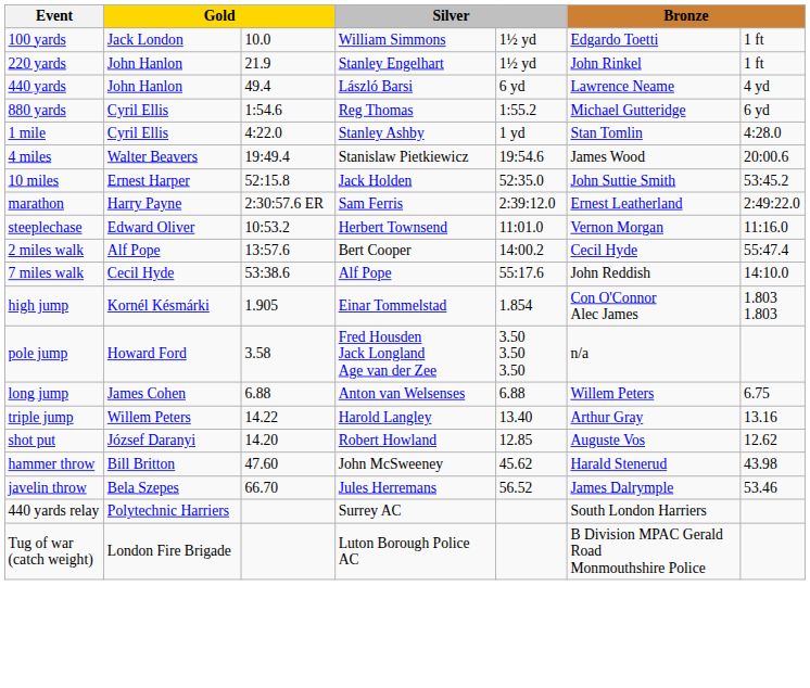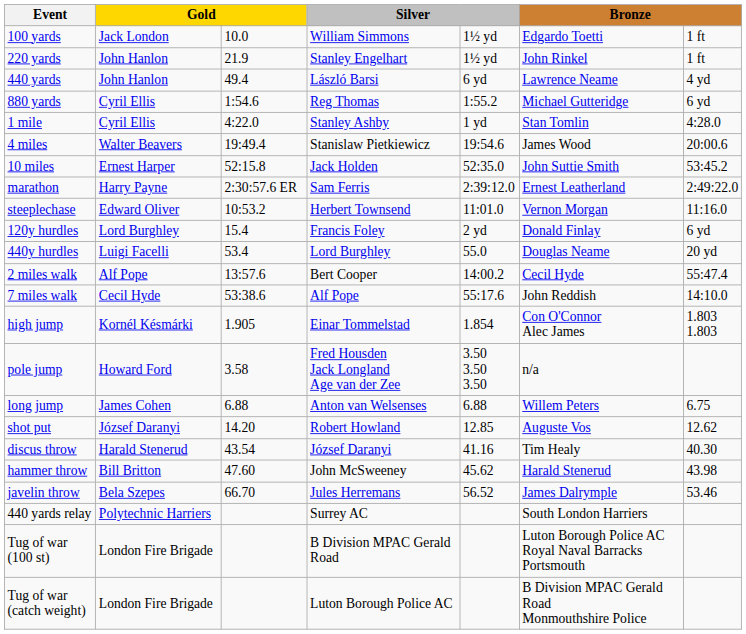 <table class="wikitable" style="text-align:left">
 <tr>
 <th width=100>Event</th>
 <th colspan="2" width="280" style="background:gold;">Gold</th>
 <th colspan="2" width="280" style="background:silver;">Silver</th>
 <th colspan="2" width="280" style="background:#CD7F32;">Bronze</th>
 </tr>
 <tr>
 <td><a href='#'>100 yards</a></td>
 <td><a href='#'>Jack London</a></td>
 <td>10.0</td>
 <td><a href='#'>William Simmons</a></td>
 <td>1½ yd</td>
 <td> <a href='#'>Edgardo Toetti</a></td>
 <td>1 ft</td>
 </tr>
 <tr>
 <td><a href='#'>220 yards</a></td>
 <td><a href='#'>John Hanlon</a></td>
 <td>21.9</td>
 <td><a href='#'>Stanley Engelhart</a></td>
 <td>1½ yd</td>
 <td><a href='#'>John Rinkel</a></td>
 <td>1 ft</td>
 </tr>
 <tr>
 <td><a href='#'>440 yards</a></td>
 <td><a href='#'>John Hanlon</a></td>
 <td>49.4</td>
 <td> <a href='#'>László Barsi</a></td>
 <td>6 yd</td>
 <td><a href='#'>Lawrence Neame</a></td>
 <td>4 yd</td>
 </tr>
 <tr>
 <td><a href='#'>880 yards</a></td>
 <td><a href='#'>Cyril Ellis</a></td>
 <td>1:54.6</td>
 <td> <a href='#'>Reg Thomas</a></td>
 <td>1:55.2</td>
 <td><a href='#'>Michael Gutteridge</a></td>
 <td>6 yd</td>
 </tr>
 <tr>
 <td><a href='#'>1 mile</a></td>
 <td><a href='#'>Cyril Ellis</a></td>
 <td>4:22.0</td>
 <td><a href='#'>Stanley Ashby</a></td>
 <td>1 yd</td>
 <td><a href='#'>Stan Tomlin</a></td>
 <td>4:28.0</td>
 </tr>
 <tr>
 <td><a href='#'>4 miles</a></td>
 <td><a href='#'>Walter Beavers</a></td>
 <td>19:49.4</td>
 <td> Stanislaw Pietkiewicz</td>
 <td>19:54.6</td>
 <td> James Wood</td>
 <td>20:00.6</td>
 </tr>
 <tr>
 <td><a href='#'>10 miles</a></td>
 <td><a href='#'>Ernest Harper</a></td>
 <td>52:15.8</td>
 <td><a href='#'>Jack Holden</a></td>
 <td>52:35.0</td>
 <td> <a href='#'>John Suttie Smith</a></td>
 <td>53:45.2</td>
 </tr>
 <tr>
 <td><a href='#'>marathon</a></td>
 <td><a href='#'>Harry Payne</a></td>
 <td>2:30:57.6 ER</td>
 <td> <a href='#'>Sam Ferris</a></td>
 <td>2:39:12.0</td>
 <td><a href='#'>Ernest Leatherland</a></td>
 <td>2:49:22.0</td>
 </tr>
 <tr>
 <td><a href='#'>steeplechase</a></td>
 <td><a href='#'>Edward Oliver</a></td>
 <td>10:53.2</td>
 <td><a href='#'>Herbert Townsend</a></td>
 <td>11:01.0</td>
 <td><a href='#'>Vernon Morgan</a></td>
 <td>11:16.0</td>
 </tr>
 <tr>
+<td><a href='#'>120y hurdles</a></td>
+<td><a href='#'>Lord Burghley</a></td>
+<td>15.4</td>
+<td><a href='#'>Francis Foley</a></td>
+<td>2 yd</td>
+<td><a href='#'>Donald Finlay</a></td>
+<td>6 yd</td>
+</tr>
+<tr>
+<td><a href='#'>440y hurdles</a></td>
+<td> <a href='#'>Luigi Facelli</a></td>
+<td>53.4</td>
+<td><a href='#'>Lord Burghley</a></td>
+<td>55.0</td>
+<td><a href='#'>Douglas Neame</a></td>
+<td>20 yd</td>
+</tr>
+<tr>
 <td><a href='#'>2 miles walk</a></td>
 <td><a href='#'>Alf Pope</a></td>
 <td>13:57.6</td>
 <td>Bert Cooper</td>
 <td>14:00.2</td>
 <td><a href='#'>Cecil Hyde</a></td>
 <td>55:47.4</td>
 </tr>
 <tr>
 <td><a href='#'>7 miles walk</a></td>
 <td><a href='#'>Cecil Hyde</a></td>
 <td>53:38.6</td>
 <td><a href='#'>Alf Pope</a></td>
 <td>55:17.6</td>
 <td>John Reddish</td>
 <td>14:10.0</td>
 </tr>
 <tr>
 <td><a href='#'>high jump</a></td>
 <td> <a href='#'>Kornél Késmárki</a></td>
 <td>1.905</td>
 <td> <a href='#'>Einar Tommelstad</a></td>
 <td>1.854</td>
 <td> <a href='#'>Con O'Connor</a> <br>Alec James</td>
 <td>1.803<br>1.803</td>
 </tr>
 <tr>
 <td><a href='#'>pole jump</a></td>
 <td><a href='#'>Howard Ford</a></td>
 <td>3.58</td>
 <td><a href='#'>Fred Housden</a><br><a href='#'>Jack Longland</a><br> <a href='#'>Age van der Zee</a></td>
 <td>3.50<br>3.50<br>3.50</td>
 <td>n/a</td>
 </tr>
 <tr>
 <td><a href='#'>long jump</a></td>
 <td><a href='#'>James Cohen</a></td>
 <td>6.88</td>
 <td> <a href='#'>Anton van Welsenses</a></td>
 <td>6.88</td>
 <td> <a href='#'>Willem Peters</a></td>
 <td>6.75</td>
 </tr>
 <tr>
-<td><a href='#'>triple jump</a></td>
-<td> <a href='#'>Willem Peters</a></td>
-<td>14.22</td>
-<td><a href='#'>Harold Langley</a></td>
-<td>13.40</td>
-<td><a href='#'>Arthur Gray</a></td>
-<td>13.16</td>
-</tr>
-<tr>
 <td><a href='#'>shot put</a></td>
 <td> <a href='#'>József Daranyi</a></td>
 <td>14.20</td>
 <td><a href='#'>Robert Howland</a></td>
 <td>12.85</td>
 <td> <a href='#'>Auguste Vos</a></td>
 <td>12.62</td>
+</tr>
+<tr>
+<td><a href='#'>discus throw</a></td>
+<td> <a href='#'>Harald Stenerud</a></td>
+<td>43.54</td>
+<td> <a href='#'>József Daranyi</a></td>
+<td>41.16</td>
+<td> Tim Healy</td>
+<td>40.30</td>
 </tr>
 <tr>
 <td><a href='#'>hammer throw</a></td>
 <td> <a href='#'>Bill Britton</a></td>
 <td>47.60</td>
 <td> John McSweeney</td>
 <td>45.62</td>
 <td> <a href='#'>Harald Stenerud</a></td>
 <td>43.98</td>
 </tr>
 <tr>
 <td><a href='#'>javelin throw</a></td>
 <td> <a href='#'>Bela Szepes</a></td>
 <td>66.70</td>
 <td> <a href='#'>Jules Herremans</a></td>
 <td>56.52</td>
 <td> <a href='#'>James Dalrymple</a></td>
 <td>53.46</td>
 </tr>
 <tr>
 <td>440 yards relay</td>
 <td><a href='#'>Polytechnic Harriers</a></td>
 <td></td>
 <td>Surrey AC</td>
 <td></td>
 <td>South London Harriers</td>
 <td></td>
 </tr>
 <tr>
+<td>Tug of war (100 st)</td>
+<td>London Fire Brigade</td>
+<td></td>
+<td>B Division MPAC Gerald Road</td>
+<td></td>
+<td>Luton Borough Police AC<br>Royal Naval Barracks Portsmouth</td>
+<td></td>
+</tr>
+<tr>
 <td>Tug of war (catch weight)</td>
 <td>London Fire Brigade</td>
 <td></td>
 <td>Luton Borough Police AC</td>
 <td></td>
 <td>B Division MPAC Gerald Road<br>Monmouthshire Police</td>
 <td></td>
 </tr>
 </table>
